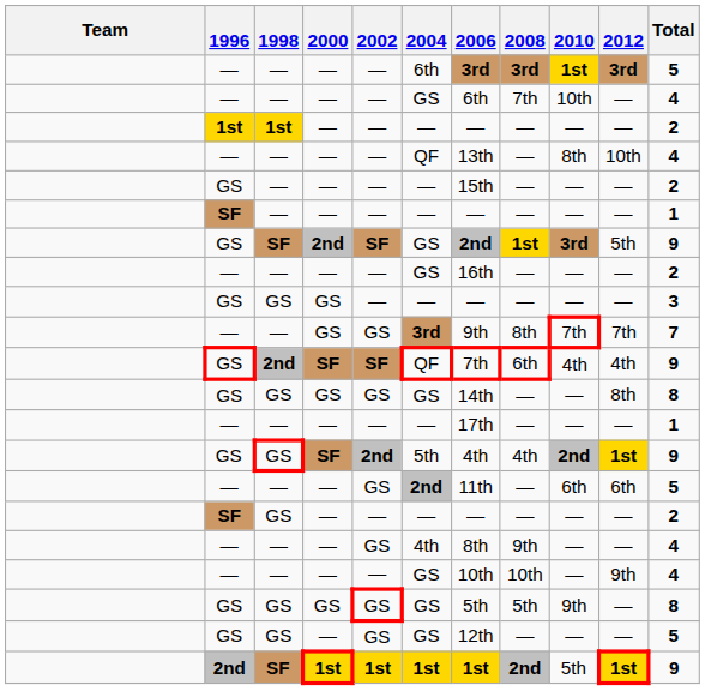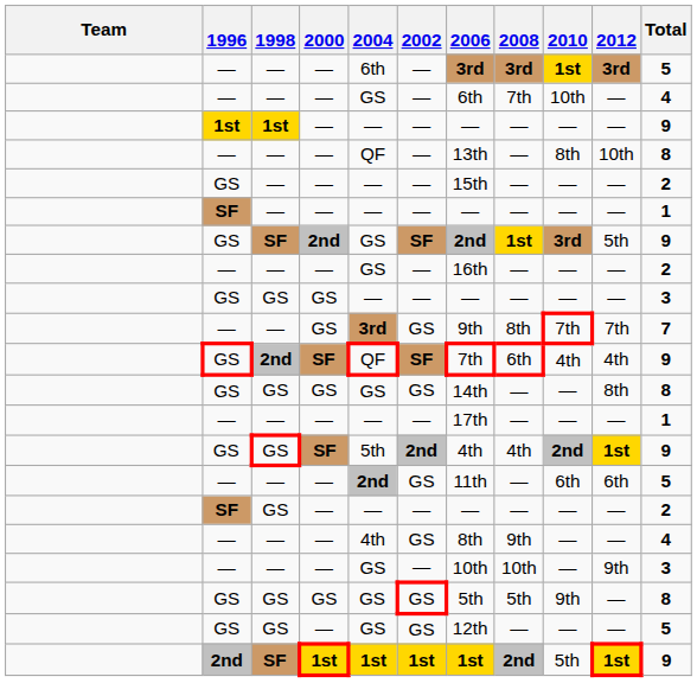 <table class="wikitable" style="text-align:center; font-size:90%">
 <tr>
 <th width=150>Team</th>
 <th><br><a href='#'>1996</a></th>
 <th><br><a href='#'>1998</a></th>
 <th><br><a href='#'>2000</a></th>
+<th><br><a href='#'>2004</a></th>
 <th><br><a href='#'>2002</a></th>
-<th><br><a href='#'>2004</a></th>
 <th><br><a href='#'>2006</a></th>
 <th><br><a href='#'>2008</a></th>
 <th><br><a href='#'>2010</a></th>
 <th><br><a href='#'>2012</a></th>
 <th>Total</th>
 </tr>
 <tr>
 <td align=left><em></em></td>
 <td>—</td>
 <td>—</td>
 <td>—</td>
+<td>6th</td>
 <td>—</td>
-<td>6th</td>
 <td bgcolor=#cc9966><strong>3rd</strong></td>
 <td bgcolor=#cc9966><strong>3rd</strong></td>
 <td bgcolor=Gold><strong>1st</strong></td>
 <td bgcolor=#cc9966><strong>3rd</strong></td>
 <td><strong>5</strong></td>
 </tr>
 <tr>
 <td align=left></td>
 <td>—</td>
 <td>—</td>
 <td>—</td>
+<td>GS</td>
 <td>—</td>
-<td>GS</td>
 <td>6th</td>
 <td>7th</td>
 <td>10th</td>
 <td>—</td>
 <td><strong>4</strong></td>
 </tr>
 <tr>
 <td align=left><em></em></td>
 <td bgcolor=Gold><strong>1st</strong></td>
 <td bgcolor=Gold><strong>1st</strong></td>
 <td>—</td>
 <td>—</td>
 <td>—</td>
 <td>—</td>
 <td>—</td>
 <td>—</td>
 <td>—</td>
-<td><strong>2</strong></td>
+<td><strong>9</strong></td>
 </tr>
 <tr>
 <td align=left></td>
 <td>—</td>
 <td>—</td>
 <td>—</td>
+<td>QF</td>
 <td>—</td>
-<td>QF</td>
 <td>13th</td>
 <td>—</td>
 <td>8th</td>
 <td>10th</td>
-<td><strong>4</strong></td>
+<td><strong>8</strong></td>
 </tr>
 <tr>
 <td align=left></td>
 <td>GS</td>
 <td>—</td>
 <td>—</td>
 <td>—</td>
 <td>—</td>
 <td>15th</td>
 <td>—</td>
 <td>—</td>
 <td>—</td>
 <td><strong>2</strong></td>
 </tr>
 <tr>
 <td align=left><em></em></td>
 <td bgcolor=#cc9966><strong>SF</strong></td>
 <td>—</td>
 <td>—</td>
 <td>—</td>
 <td>—</td>
 <td>—</td>
 <td>—</td>
 <td>—</td>
 <td>—</td>
 <td><strong>1</strong></td>
 </tr>
 <tr>
 <td align=left></td>
 <td>GS</td>
 <td bgcolor=#cc9966><strong>SF</strong></td>
 <td bgcolor=Silver><strong>2nd</strong></td>
+<td>GS</td>
 <td bgcolor=#cc9966><strong>SF</strong></td>
-<td>GS</td>
 <td bgcolor=Silver><strong>2nd</strong></td>
 <td bgcolor=Gold><strong>1st</strong></td>
 <td bgcolor=#cc9966><strong>3rd</strong></td>
 <td>5th</td>
 <td><strong>9</strong></td>
 </tr>
 <tr>
 <td align=left></td>
 <td>—</td>
 <td>—</td>
 <td>—</td>
+<td>GS</td>
 <td>—</td>
-<td>GS</td>
 <td>16th</td>
 <td>—</td>
 <td>—</td>
 <td>—</td>
 <td><strong>2</strong></td>
 </tr>
 <tr>
 <td align=left><em></em></td>
 <td>GS</td>
 <td>GS</td>
 <td>GS</td>
 <td>—</td>
 <td>—</td>
 <td>—</td>
 <td>—</td>
 <td>—</td>
 <td>—</td>
 <td><strong>3</strong></td>
 </tr>
 <tr>
 <td align=left></td>
 <td>—</td>
 <td>—</td>
 <td>GS</td>
+<td bgcolor=#cc9966><strong>3rd</strong></td>
 <td>GS</td>
-<td bgcolor=#cc9966><strong>3rd</strong></td>
 <td>9th</td>
 <td>8th</td>
 <td style="border: 3px solid red">7th</td>
 <td>7th</td>
 <td><strong>7</strong></td>
 </tr>
 <tr>
 <td align=left></td>
 <td style="border: 3px solid red">GS</td>
 <td bgcolor=Silver><strong>2nd</strong></td>
 <td bgcolor=#cc9966><strong>SF</strong></td>
+<td style="border: 3px solid red">QF</td>
 <td bgcolor=#cc9966><strong>SF</strong></td>
-<td style="border: 3px solid red">QF</td>
 <td style="border: 3px solid red">7th</td>
 <td style="border: 3px solid red">6th</td>
 <td>4th</td>
 <td>4th</td>
 <td><strong>9</strong></td>
 </tr>
 <tr>
 <td align=left></td>
 <td>GS</td>
 <td>GS</td>
 <td>GS</td>
 <td>GS</td>
 <td>GS</td>
 <td>14th</td>
 <td>—</td>
 <td>—</td>
 <td>8th</td>
 <td><strong>8</strong></td>
 </tr>
 <tr>
 <td align=left></td>
 <td>—</td>
 <td>—</td>
 <td>—</td>
 <td>—</td>
 <td>—</td>
 <td>17th</td>
 <td>—</td>
 <td>—</td>
 <td>—</td>
 <td><strong>1</strong></td>
 </tr>
 <tr>
 <td align=left></td>
 <td>GS</td>
 <td style="border: 3px solid red">GS</td>
 <td bgcolor=#cc9966><strong>SF</strong></td>
+<td>5th</td>
 <td bgcolor=Silver><strong>2nd</strong></td>
-<td>5th</td>
 <td>4th</td>
 <td>4th</td>
 <td bgcolor=Silver><strong>2nd</strong></td>
 <td bgcolor=Gold><strong>1st</strong></td>
 <td><strong>9</strong></td>
 </tr>
 <tr>
 <td align=left></td>
 <td>—</td>
 <td>—</td>
 <td>—</td>
+<td bgcolor=Silver><strong>2nd</strong></td>
 <td>GS</td>
-<td bgcolor=Silver><strong>2nd</strong></td>
 <td>11th</td>
 <td>—</td>
 <td>6th</td>
 <td>6th</td>
 <td><strong>5</strong></td>
 </tr>
 <tr>
 <td align=left><em></em></td>
 <td bgcolor=#cc9966><strong>SF</strong></td>
 <td>GS</td>
 <td>—</td>
 <td>—</td>
 <td>—</td>
 <td>—</td>
 <td>—</td>
 <td>—</td>
 <td>—</td>
 <td><strong>2</strong></td>
 </tr>
 <tr>
 <td align=left></td>
 <td>—</td>
 <td>—</td>
 <td>—</td>
+<td>4th</td>
 <td>GS</td>
-<td>4th</td>
 <td>8th</td>
 <td>9th</td>
 <td>—</td>
 <td>—</td>
 <td><strong>4</strong></td>
 </tr>
 <tr>
 <td align=left></td>
 <td>—</td>
 <td>—</td>
 <td>—</td>
+<td>GS</td>
 <td>—</td>
-<td>GS</td>
 <td>10th</td>
 <td>10th</td>
 <td>—</td>
 <td>9th</td>
-<td><strong>4</strong></td>
+<td><strong>3</strong></td>
 </tr>
 <tr>
 <td align=left></td>
 <td>GS</td>
 <td>GS</td>
 <td>GS</td>
+<td>GS</td>
 <td style="border: 3px solid red">GS</td>
-<td>GS</td>
 <td>5th</td>
 <td>5th</td>
 <td>9th</td>
 <td>—</td>
 <td><strong>8</strong></td>
 </tr>
 <tr>
 <td align=left></td>
 <td>GS</td>
 <td>GS</td>
 <td>—</td>
 <td>GS</td>
 <td>GS</td>
 <td>12th</td>
 <td>—</td>
 <td>—</td>
 <td>—</td>
 <td><strong>5</strong></td>
 </tr>
 <tr>
 <td align=left></td>
 <td bgcolor=Silver><strong>2nd</strong></td>
 <td bgcolor=#cc9966><strong>SF</strong></td>
 <td style="border: 3px solid red" bgcolor=Gold><strong>1st</strong></td>
 <td bgcolor=Gold><strong>1st</strong></td>
 <td bgcolor=Gold><strong>1st</strong></td>
 <td bgcolor=Gold><strong>1st</strong></td>
 <td bgcolor=Silver><strong>2nd</strong></td>
 <td>5th</td>
 <td style="border: 3px solid red" bgcolor=Gold><strong>1st</strong></td>
 <td><strong>9</strong></td>
 </tr>
 </table>
